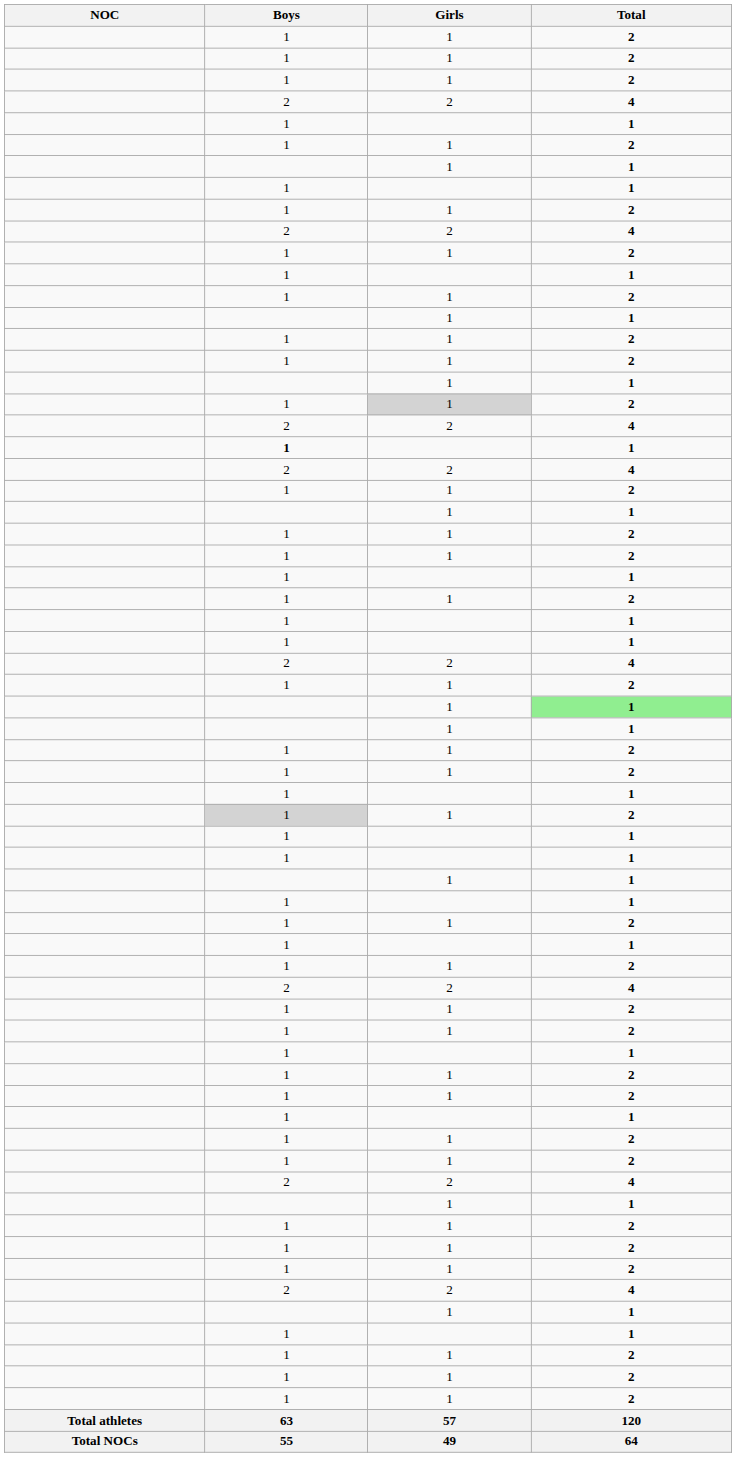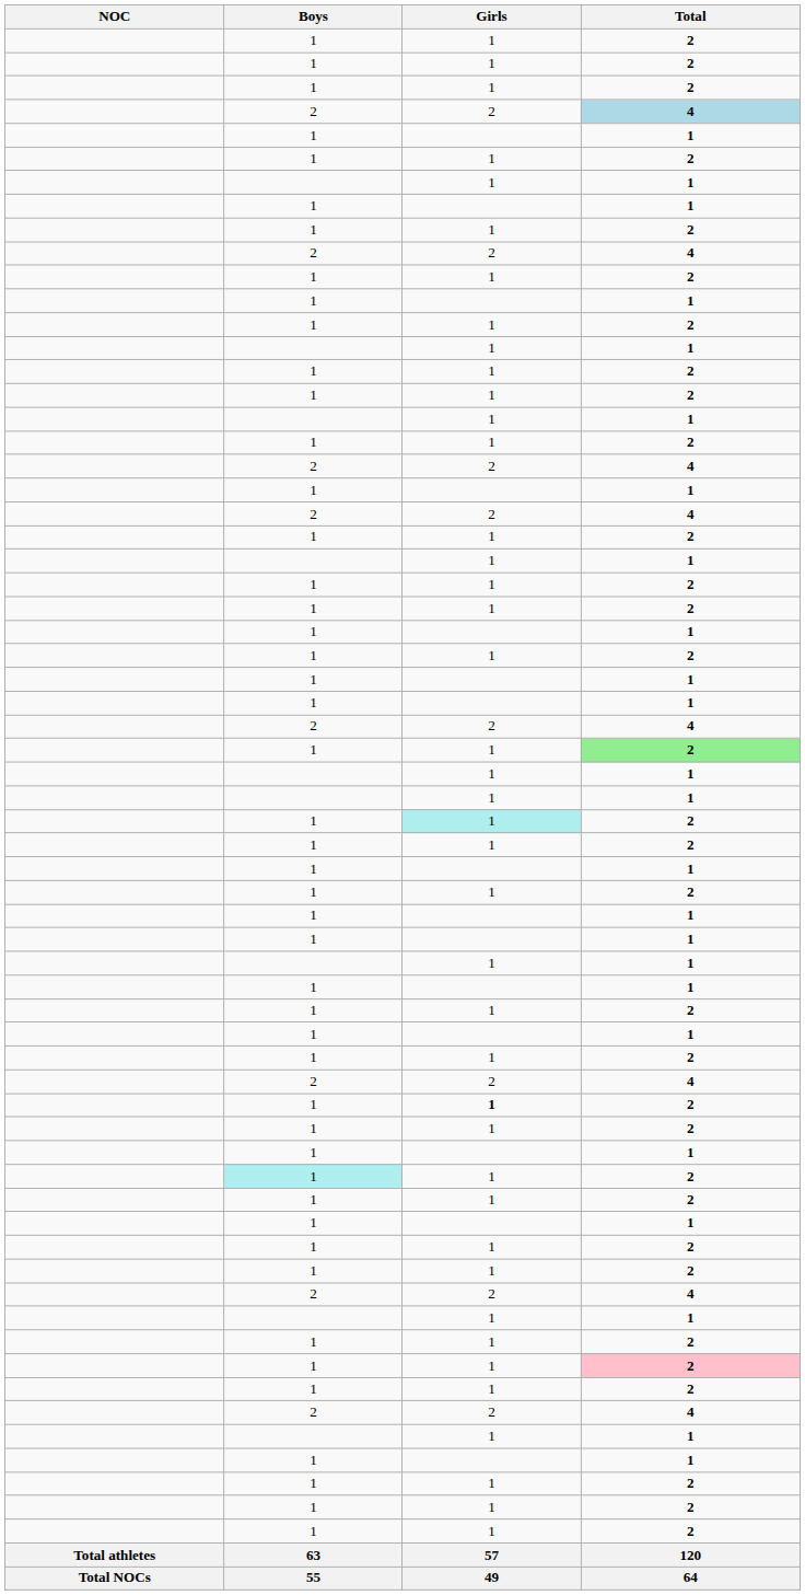 <table class="wikitable collapsible sortable"  style="width:800px; text-align:center; font-size:90%;">
 <tr>
 <th style="text-align:center; width:100px;"><strong>NOC</strong></th>
 <th width=80><strong>Boys</strong></th>
 <th width=80><strong>Girls</strong></th>
 <th width=100><strong>Total</strong></th>
 </tr>
 <tr>
 <td style="text-align:left;"></td>
 <td>1</td>
 <td>1</td>
 <td><strong>2</strong></td>
 </tr>
 <tr>
 <td style="text-align:left;"></td>
 <td>1</td>
 <td>1</td>
 <td><strong>2</strong></td>
 </tr>
 <tr>
 <td style="text-align:left;"></td>
 <td>1</td>
 <td>1</td>
 <td><strong>2</strong></td>
 </tr>
 <tr>
 <td style="text-align:left;"></td>
 <td>2</td>
 <td>2</td>
-<td><strong>4</strong></td>
+<td style="background: lightblue;"><strong>4</strong></td>
 </tr>
 <tr>
 <td style="text-align:left;"></td>
 <td>1</td>
 <td></td>
 <td><strong>1</strong></td>
 </tr>
 <tr>
 <td style="text-align:left;"></td>
 <td>1</td>
 <td>1</td>
 <td><strong>2</strong></td>
 </tr>
 <tr>
 <td style="text-align:left;"></td>
 <td></td>
 <td>1</td>
 <td><strong>1</strong></td>
 </tr>
 <tr>
 <td style="text-align:left;"></td>
 <td>1</td>
 <td></td>
 <td><strong>1</strong></td>
 </tr>
 <tr>
 <td style="text-align:left;"></td>
 <td>1</td>
 <td>1</td>
 <td><strong>2</strong></td>
 </tr>
 <tr>
 <td style="text-align:left;"></td>
 <td>2</td>
 <td>2</td>
 <td><strong>4</strong></td>
 </tr>
 <tr>
 <td style="text-align:left;"></td>
 <td>1</td>
 <td>1</td>
 <td><strong>2</strong></td>
 </tr>
 <tr>
 <td style="text-align:left;"></td>
 <td>1</td>
 <td></td>
 <td><strong>1</strong></td>
 </tr>
 <tr>
 <td style="text-align:left;"></td>
 <td>1</td>
 <td>1</td>
 <td><strong>2</strong></td>
 </tr>
 <tr>
 <td style="text-align:left;"></td>
 <td></td>
 <td>1</td>
 <td><strong>1</strong></td>
 </tr>
 <tr>
 <td style="text-align:left;"></td>
 <td>1</td>
 <td>1</td>
 <td><strong>2</strong></td>
 </tr>
 <tr>
 <td style="text-align:left;"></td>
 <td>1</td>
 <td>1</td>
 <td><strong>2</strong></td>
 </tr>
 <tr>
 <td style="text-align:left;"></td>
 <td></td>
 <td>1</td>
 <td><strong>1</strong></td>
 </tr>
 <tr>
 <td style="text-align:left;"></td>
 <td>1</td>
-<td style="background: lightgrey;">1</td>
+<td>1</td>
 <td><strong>2</strong></td>
 </tr>
 <tr>
 <td style="text-align:left;"></td>
 <td>2</td>
 <td>2</td>
 <td><strong>4</strong></td>
 </tr>
 <tr>
 <td style="text-align:left;"></td>
-<td><strong>1</strong></td>
+<td>1</td>
 <td></td>
 <td><strong>1</strong></td>
 </tr>
 <tr>
 <td style="text-align:left;"></td>
 <td>2</td>
 <td>2</td>
 <td><strong>4</strong></td>
 </tr>
 <tr>
 <td style="text-align:left;"></td>
 <td>1</td>
 <td>1</td>
 <td><strong>2</strong></td>
 </tr>
 <tr>
 <td style="text-align:left;"></td>
 <td></td>
 <td>1</td>
 <td><strong>1</strong></td>
 </tr>
 <tr>
 <td style="text-align:left;"></td>
 <td>1</td>
 <td>1</td>
 <td><strong>2</strong></td>
 </tr>
 <tr>
 <td style="text-align:left;"></td>
 <td>1</td>
 <td>1</td>
 <td><strong>2</strong></td>
 </tr>
 <tr>
 <td style="text-align:left;"></td>
 <td>1</td>
 <td></td>
 <td><strong>1</strong></td>
 </tr>
 <tr>
 <td style="text-align:left;"></td>
 <td>1</td>
 <td>1</td>
 <td><strong>2</strong></td>
 </tr>
 <tr>
 <td style="text-align:left;"></td>
 <td>1</td>
 <td></td>
 <td><strong>1</strong></td>
 </tr>
 <tr>
 <td style="text-align:left;"></td>
 <td>1</td>
 <td></td>
 <td><strong>1</strong></td>
 </tr>
 <tr>
 <td style="text-align:left;"></td>
 <td>2</td>
 <td>2</td>
 <td><strong>4</strong></td>
 </tr>
 <tr>
 <td style="text-align:left;"></td>
 <td>1</td>
 <td>1</td>
-<td><strong>2</strong></td>
+<td style="background: lightgreen;"><strong>2</strong></td>
 </tr>
 <tr>
 <td style="text-align:left;"></td>
 <td></td>
 <td>1</td>
-<td style="background: lightgreen;"><strong>1</strong></td>
+<td><strong>1</strong></td>
 </tr>
 <tr>
 <td style="text-align:left;"></td>
 <td></td>
 <td>1</td>
 <td><strong>1</strong></td>
 </tr>
 <tr>
 <td style="text-align:left;"></td>
 <td>1</td>
-<td>1</td>
+<td style="background: paleturquoise;">1</td>
 <td><strong>2</strong></td>
 </tr>
 <tr>
 <td style="text-align:left;"></td>
 <td>1</td>
 <td>1</td>
 <td><strong>2</strong></td>
 </tr>
 <tr>
 <td style="text-align:left;"></td>
 <td>1</td>
 <td></td>
 <td><strong>1</strong></td>
 </tr>
 <tr>
 <td style="text-align:left;"></td>
-<td style="background: lightgrey;">1</td>
+<td>1</td>
 <td>1</td>
 <td><strong>2</strong></td>
 </tr>
 <tr>
 <td style="text-align:left;"></td>
 <td>1</td>
 <td></td>
 <td><strong>1</strong></td>
 </tr>
 <tr>
 <td style="text-align:left;"></td>
 <td>1</td>
 <td></td>
 <td><strong>1</strong></td>
 </tr>
 <tr>
 <td style="text-align:left;"></td>
 <td></td>
 <td>1</td>
 <td><strong>1</strong></td>
 </tr>
 <tr>
 <td style="text-align:left;"></td>
 <td>1</td>
 <td></td>
 <td><strong>1</strong></td>
 </tr>
 <tr>
 <td style="text-align:left;"></td>
 <td>1</td>
 <td>1</td>
 <td><strong>2</strong></td>
 </tr>
 <tr>
 <td style="text-align:left;"></td>
 <td>1</td>
 <td></td>
 <td><strong>1</strong></td>
 </tr>
 <tr>
 <td style="text-align:left;"></td>
 <td>1</td>
 <td>1</td>
 <td><strong>2</strong></td>
 </tr>
 <tr>
 <td style="text-align:left;"></td>
 <td>2</td>
 <td>2</td>
 <td><strong>4</strong></td>
 </tr>
 <tr>
 <td style="text-align:left;"></td>
 <td>1</td>
-<td>1</td>
+<td><strong>1</strong></td>
 <td><strong>2</strong></td>
 </tr>
 <tr>
 <td style="text-align:left;"></td>
 <td>1</td>
 <td>1</td>
 <td><strong>2</strong></td>
 </tr>
 <tr>
 <td style="text-align:left;"></td>
 <td>1</td>
 <td></td>
 <td><strong>1</strong></td>
 </tr>
 <tr>
 <td style="text-align:left;"></td>
-<td>1</td>
+<td style="background: paleturquoise;">1</td>
 <td>1</td>
 <td><strong>2</strong></td>
 </tr>
 <tr>
 <td style="text-align:left;"></td>
 <td>1</td>
 <td>1</td>
 <td><strong>2</strong></td>
 </tr>
 <tr>
 <td style="text-align:left;"></td>
 <td>1</td>
 <td></td>
 <td><strong>1</strong></td>
 </tr>
 <tr>
 <td style="text-align:left;"></td>
 <td>1</td>
 <td>1</td>
 <td><strong>2</strong></td>
 </tr>
 <tr>
 <td style="text-align:left;"></td>
 <td>1</td>
 <td>1</td>
 <td><strong>2</strong></td>
 </tr>
 <tr>
 <td style="text-align:left;"></td>
 <td>2</td>
 <td>2</td>
 <td><strong>4</strong></td>
 </tr>
 <tr>
 <td style="text-align:left;"></td>
 <td></td>
 <td>1</td>
 <td><strong>1</strong></td>
 </tr>
 <tr>
 <td style="text-align:left;"></td>
 <td>1</td>
 <td>1</td>
 <td><strong>2</strong></td>
 </tr>
 <tr>
 <td style="text-align:left;"></td>
 <td>1</td>
 <td>1</td>
-<td><strong>2</strong></td>
+<td style="background: pink;"><strong>2</strong></td>
 </tr>
 <tr>
 <td style="text-align:left;"></td>
 <td>1</td>
 <td>1</td>
 <td><strong>2</strong></td>
 </tr>
 <tr>
 <td style="text-align:left;"></td>
 <td>2</td>
 <td>2</td>
 <td><strong>4</strong></td>
 </tr>
 <tr>
 <td style="text-align:left;"></td>
 <td></td>
 <td>1</td>
 <td><strong>1</strong></td>
 </tr>
 <tr>
 <td style="text-align:left;"></td>
 <td>1</td>
 <td></td>
 <td><strong>1</strong></td>
 </tr>
 <tr>
 <td style="text-align:left;"></td>
 <td>1</td>
 <td>1</td>
 <td><strong>2</strong></td>
 </tr>
 <tr>
 <td style="text-align:left;"></td>
 <td>1</td>
 <td>1</td>
 <td><strong>2</strong></td>
 </tr>
 <tr>
 <td style="text-align:left;"></td>
 <td>1</td>
 <td>1</td>
 <td><strong>2</strong></td>
 </tr>
 <tr>
 <th>Total athletes</th>
 <th>63</th>
 <th>57</th>
 <th><strong>120</strong></th>
 </tr>
 <tr class="sortbottom">
 <th>Total NOCs</th>
 <th>55</th>
 <th>49</th>
 <th><strong>64</strong></th>
 </tr>
 </table>
